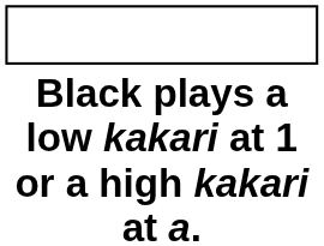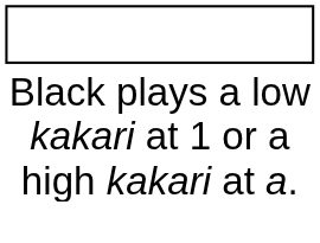 <table style="margin:1em;width: 130px; float:right;">
 <tr>
 <td style="border: solid thin; padding: 2px;"><br></td>
 </tr>
 <tr>
-<td style="text-align:center"><strong>Black plays a low <em>kakari</em> at 1 or a high <em>kakari</em> at <em>a</em>.</strong></td>
+<td style="text-align:center">Black plays a low <em>kakari</em> at 1 or a high <em>kakari</em> at <em>a</em>.</td>
 </tr>
 </table>
